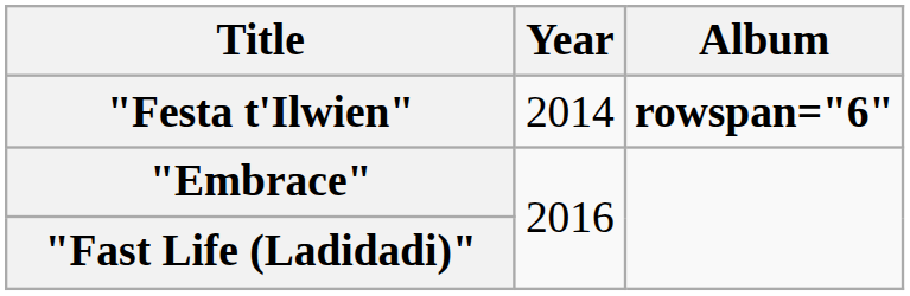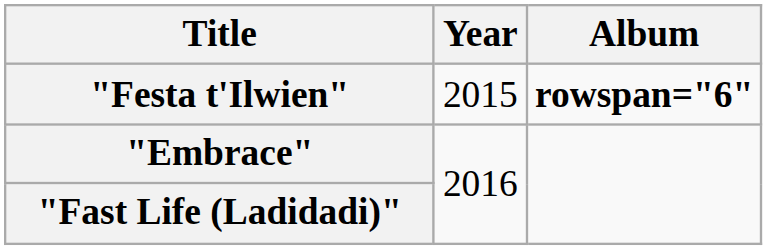 <table class="wikitable plainrowheaders" style="text-align:center;">
 <tr>
 <th scope="col" style="width:11em;">Title</th>
 <th scope="col" style="width:1em;">Year</th>
 <th scope="col">Album</th>
 </tr>
 <tr>
 <th scope="row">"Festa t'Ilwien"</th>
-<td>2014</td>
+<td>2015</td>
 <td><strong>rowspan="6" </strong></td>
 </tr>
 <tr>
 <th scope="row">"Embrace"</th>
 <td rowspan="2">2016</td>
 </tr>
 <tr>
 <th scope="row">"Fast Life (Ladidadi)"</th>
 </tr>
 </table>
